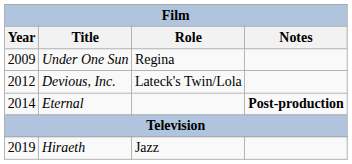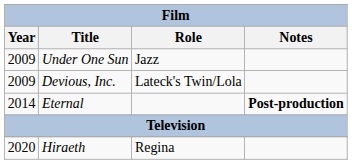 <table class="wikitable">
 <tr>
 </tr>
 <tr bgcolor="#CCCCCC">
 <th colspan="4" style="background: LightSteelBlue;”">Film</th>
 </tr>
 <tr bgcolor="#CCCCCC">
 <th>Year</th>
 <th>Title</th>
 <th>Role</th>
 <th>Notes</th>
 </tr>
 <tr valign="top">
 <td>2009</td>
 <td><em>Under One Sun</em></td>
-<td>Regina</td>
+<td>Jazz</td>
 <td></td>
 </tr>
 <tr valign="top">
-<td>2012</td>
+<td>2009</td>
 <td><em>Devious, Inc.</em></td>
 <td>Lateck's Twin/Lola</td>
 <td></td>
 </tr>
 <tr valign="top">
 <td>2014</td>
 <td><em>Eternal</em></td>
 <td></td>
 <td><strong>Post-production</strong></td>
 </tr>
 <tr bgcolor="#CCCCCC">
 <th colspan="4" style="background: LightSteelBlue;”">Television</th>
 </tr>
 <tr bgcolor="#CCCCCC">
 </tr>
 <tr valign="top">
-<td>2019</td>
+<td>2020</td>
 <td><em>Hiraeth</em></td>
-<td>Jazz</td>
+<td>Regina</td>
 <td></td>
 </tr>
 </table>
